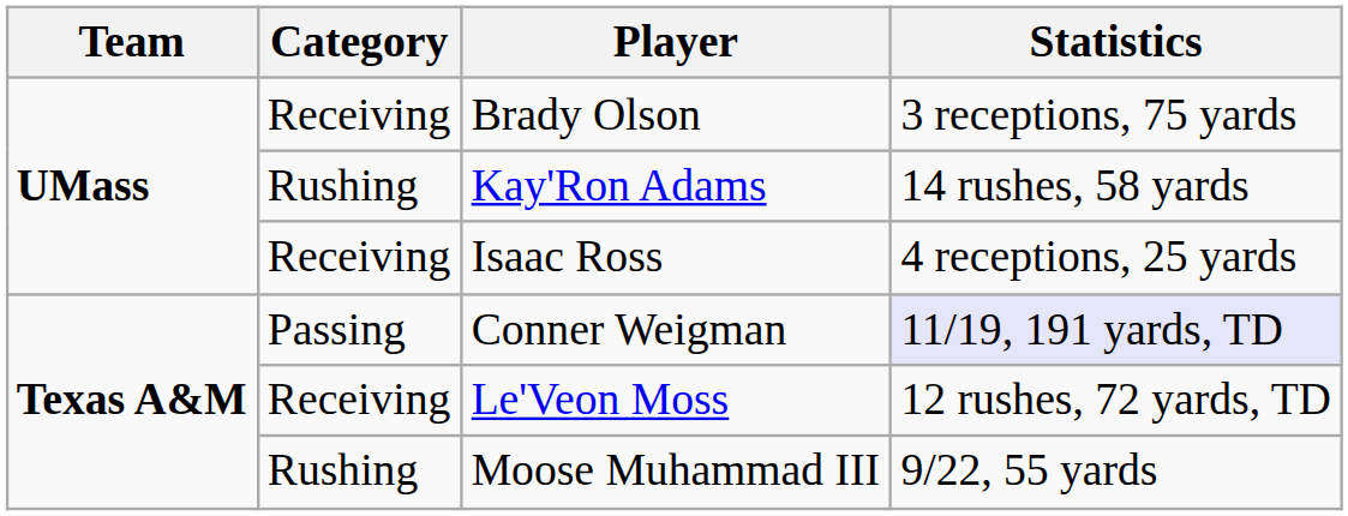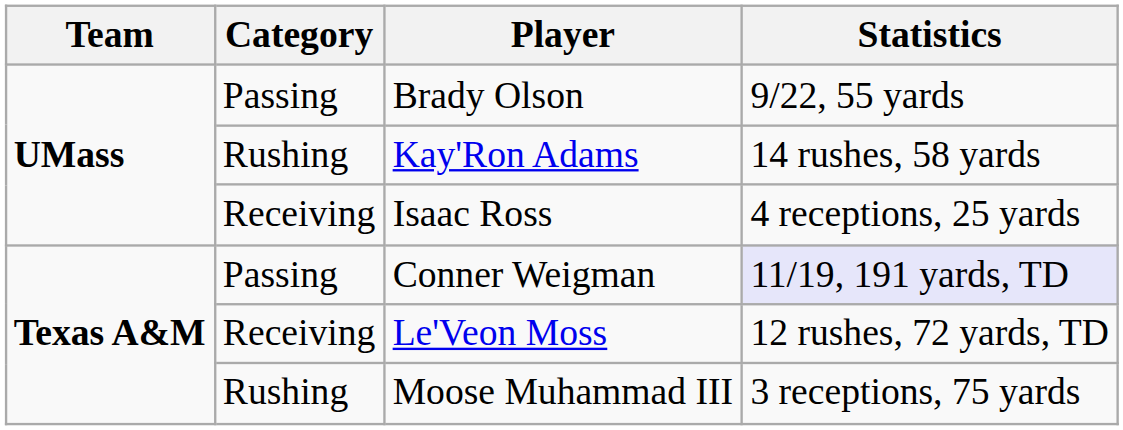 <table class="wikitable" style="float: right;">
 <tr>
 <th>Team</th>
 <th>Category</th>
 <th>Player</th>
 <th>Statistics</th>
 </tr>
 <tr>
 <td rowspan=3><strong>UMass</strong></td>
-<td>Receiving</td>
+<td>Passing</td>
 <td>Brady Olson</td>
-<td>3 receptions, 75 yards</td>
+<td>9/22, 55 yards</td>
 </tr>
 <tr>
 <td>Rushing</td>
 <td><a href='#'>Kay'Ron Adams</a></td>
 <td>14 rushes, 58 yards</td>
 </tr>
 <tr>
 <td>Receiving</td>
 <td>Isaac Ross</td>
 <td>4 receptions, 25 yards</td>
 </tr>
 <tr>
 <td rowspan=3><strong>Texas A&M</strong></td>
 <td>Passing</td>
 <td>Conner Weigman</td>
 <td style="background: lavender;">11/19, 191 yards, TD</td>
 </tr>
 <tr>
 <td>Receiving</td>
 <td><a href='#'>Le'Veon Moss</a></td>
 <td>12 rushes, 72 yards, TD</td>
 </tr>
 <tr>
 <td>Rushing</td>
 <td>Moose Muhammad III</td>
-<td>9/22, 55 yards</td>
+<td>3 receptions, 75 yards</td>
 </tr>
 </table>
